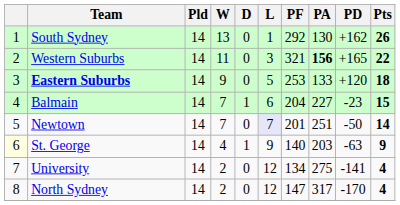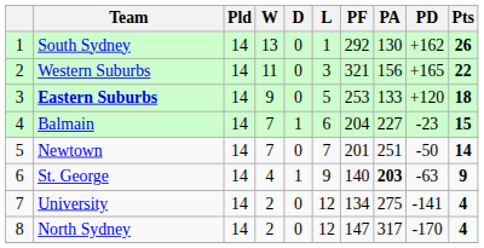 <table class="wikitable" style="text-align:center;">
 <tr>
 <th width=20 abbr="Position"></th>
 <th width=175>Team</th>
 <th width=20 abbr="Played">Pld</th>
 <th width=20 abbr="Won">W</th>
 <th width=20 abbr="Drawn">D</th>
 <th width=20 abbr="Lost">L</th>
 <th width=20 abbr="Points for">PF</th>
 <th width=20 abbr="Points against">PA</th>
 <th width=20 abbr="Points difference">PD</th>
 <th width=20 abbr="Points">Pts</th>
 </tr>
 <tr style="background: #ccffcc;">
 <td>1</td>
 <td style="text-align:left;"> <a href='#'>South Sydney</a></td>
 <td>14</td>
 <td>13</td>
 <td>0</td>
 <td>1</td>
 <td>292</td>
 <td>130</td>
 <td>+162</td>
 <td><strong>26</strong></td>
 </tr>
 <tr style="background: #ccffcc;">
 <td>2</td>
 <td style="text-align:left;"> <a href='#'>Western Suburbs</a></td>
 <td>14</td>
 <td>11</td>
 <td>0</td>
 <td>3</td>
 <td>321</td>
-<td><strong>156</strong></td>
+<td>156</td>
 <td>+165</td>
 <td><strong>22</strong></td>
 </tr>
 <tr style="background: #ccffcc;">
 <td>3</td>
 <td style="text-align:left;"> <strong><a href='#'>Eastern Suburbs</a></strong></td>
 <td>14</td>
 <td>9</td>
 <td>0</td>
 <td>5</td>
 <td>253</td>
 <td>133</td>
 <td>+120</td>
 <td><strong>18</strong></td>
 </tr>
 <tr style="background: #ccffcc;">
 <td>4</td>
 <td style="text-align:left;"> <a href='#'>Balmain</a></td>
 <td>14</td>
 <td>7</td>
 <td>1</td>
 <td>6</td>
 <td>204</td>
 <td>227</td>
 <td>-23</td>
 <td><strong>15</strong></td>
 </tr>
 <tr>
 <td>5</td>
 <td style="text-align:left;"> <a href='#'>Newtown</a></td>
 <td>14</td>
 <td>7</td>
 <td>0</td>
-<td style="background: lavender;">7</td>
+<td>7</td>
 <td>201</td>
 <td>251</td>
 <td>-50</td>
 <td><strong>14</strong></td>
 </tr>
 <tr>
-<td style="background: lightyellow;">6</td>
+<td>6</td>
 <td style="text-align:left;"> <a href='#'>St. George</a></td>
 <td>14</td>
 <td>4</td>
 <td>1</td>
 <td>9</td>
 <td>140</td>
-<td>203</td>
+<td><strong>203</strong></td>
 <td>-63</td>
 <td><strong>9</strong></td>
 </tr>
 <tr>
 <td>7</td>
 <td style="text-align:left;"> <a href='#'>University</a></td>
 <td>14</td>
 <td>2</td>
 <td>0</td>
 <td>12</td>
 <td>134</td>
 <td>275</td>
 <td>-141</td>
 <td><strong>4</strong></td>
 </tr>
 <tr>
 <td>8</td>
 <td style="text-align:left;"> <a href='#'>North Sydney</a></td>
 <td>14</td>
 <td>2</td>
 <td>0</td>
 <td>12</td>
 <td>147</td>
 <td>317</td>
 <td>-170</td>
 <td><strong>4</strong></td>
 </tr>
 <tr>
 </tr>
 </table>
